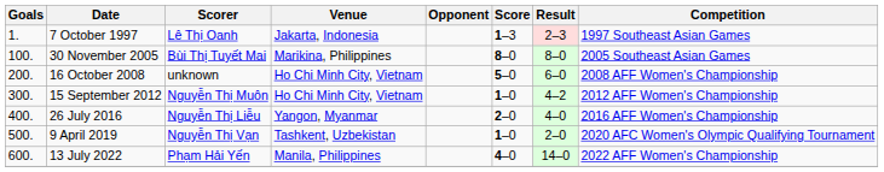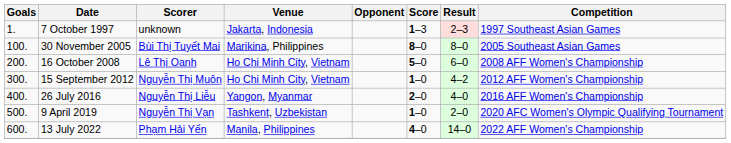 <table class="wikitable">
 <tr>
 <th>Goals</th>
 <th>Date</th>
 <th>Scorer</th>
 <th>Venue</th>
 <th>Opponent</th>
 <th>Score</th>
 <th>Result</th>
 <th>Competition</th>
 </tr>
 <tr>
 <td>1.</td>
 <td>7 October 1997</td>
-<td><a href='#'>Lê Thị Oanh</a></td>
+<td>unknown</td>
 <td> <a href='#'>Jakarta</a>, <a href='#'>Indonesia</a></td>
 <td></td>
 <td><strong>1</strong>–3</td>
 <td style="text-align:center; background:#fdd;">2–3</td>
 <td><a href='#'>1997 Southeast Asian Games</a></td>
 </tr>
 <tr>
 <td>100.</td>
 <td>30 November 2005</td>
 <td><a href='#'>Bùi Thị Tuyết Mai</a></td>
 <td> <a href='#'>Marikina</a>, Philippines</td>
 <td></td>
 <td><strong>8</strong>–0</td>
 <td style="text-align:center; background:#dfd;">8–0</td>
 <td><a href='#'>2005 Southeast Asian Games</a></td>
 </tr>
 <tr>
 <td>200.</td>
 <td>16 October 2008</td>
-<td>unknown</td>
+<td><a href='#'>Lê Thị Oanh</a></td>
 <td> <a href='#'>Ho Chi Minh City</a>, <a href='#'>Vietnam</a></td>
 <td></td>
 <td><strong>5</strong>–0</td>
 <td style="text-align:center; background:#dfd;">6–0</td>
 <td><a href='#'>2008 AFF Women's Championship</a></td>
 </tr>
 <tr>
 <td>300.</td>
 <td>15 September 2012</td>
 <td><a href='#'>Nguyễn Thị Muôn</a></td>
 <td> <a href='#'>Ho Chi Minh City</a>, <a href='#'>Vietnam</a></td>
 <td></td>
 <td><strong>1</strong>–0</td>
 <td style="text-align:center; background:#dfd;">4–2</td>
 <td><a href='#'>2012 AFF Women's Championship</a></td>
 </tr>
 <tr>
 <td>400.</td>
 <td>26 July 2016</td>
 <td><a href='#'>Nguyễn Thị Liễu</a></td>
 <td> <a href='#'>Yangon</a>, <a href='#'>Myanmar</a></td>
 <td></td>
 <td><strong>2</strong>–0</td>
 <td style="text-align:center; background:#dfd;">4–0</td>
 <td><a href='#'>2016 AFF Women's Championship</a></td>
 </tr>
 <tr>
 <td>500.</td>
 <td>9 April 2019</td>
 <td><a href='#'>Nguyễn Thị Vạn</a></td>
 <td> <a href='#'>Tashkent</a>, <a href='#'>Uzbekistan</a></td>
 <td></td>
 <td><strong>1</strong>–0</td>
 <td style="text-align:center; background:#dfd;">2–0</td>
 <td><a href='#'>2020 AFC Women's Olympic Qualifying Tournament</a></td>
 </tr>
 <tr>
 <td>600.</td>
 <td>13 July 2022</td>
 <td><a href='#'>Phạm Hải Yến</a></td>
 <td> <a href='#'>Manila</a>, <a href='#'>Philippines</a></td>
 <td></td>
 <td><strong>4</strong>–0</td>
 <td style="text-align:center; background:#dfd;">14–0</td>
 <td><a href='#'>2022 AFF Women's Championship</a></td>
 </tr>
 <tr>
 </tr>
 </table>
